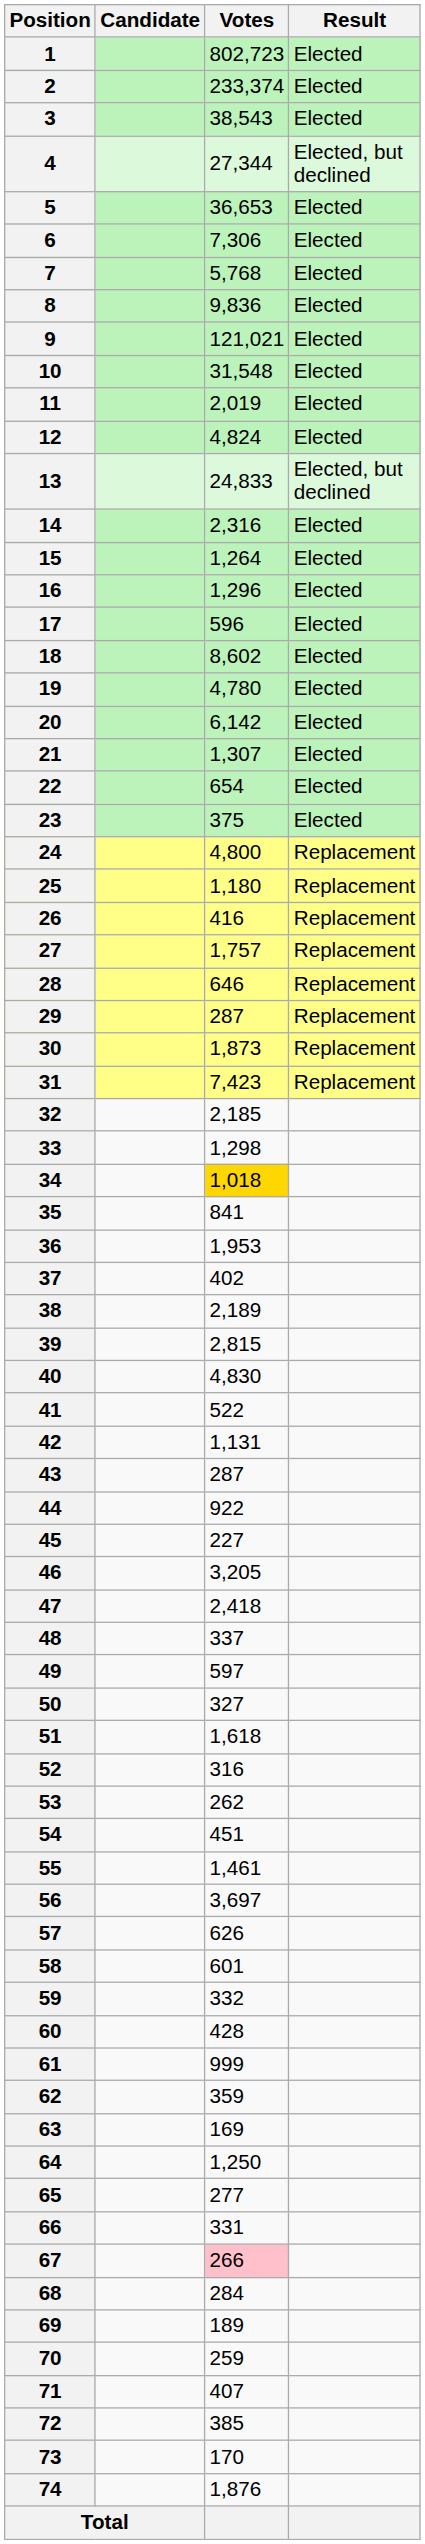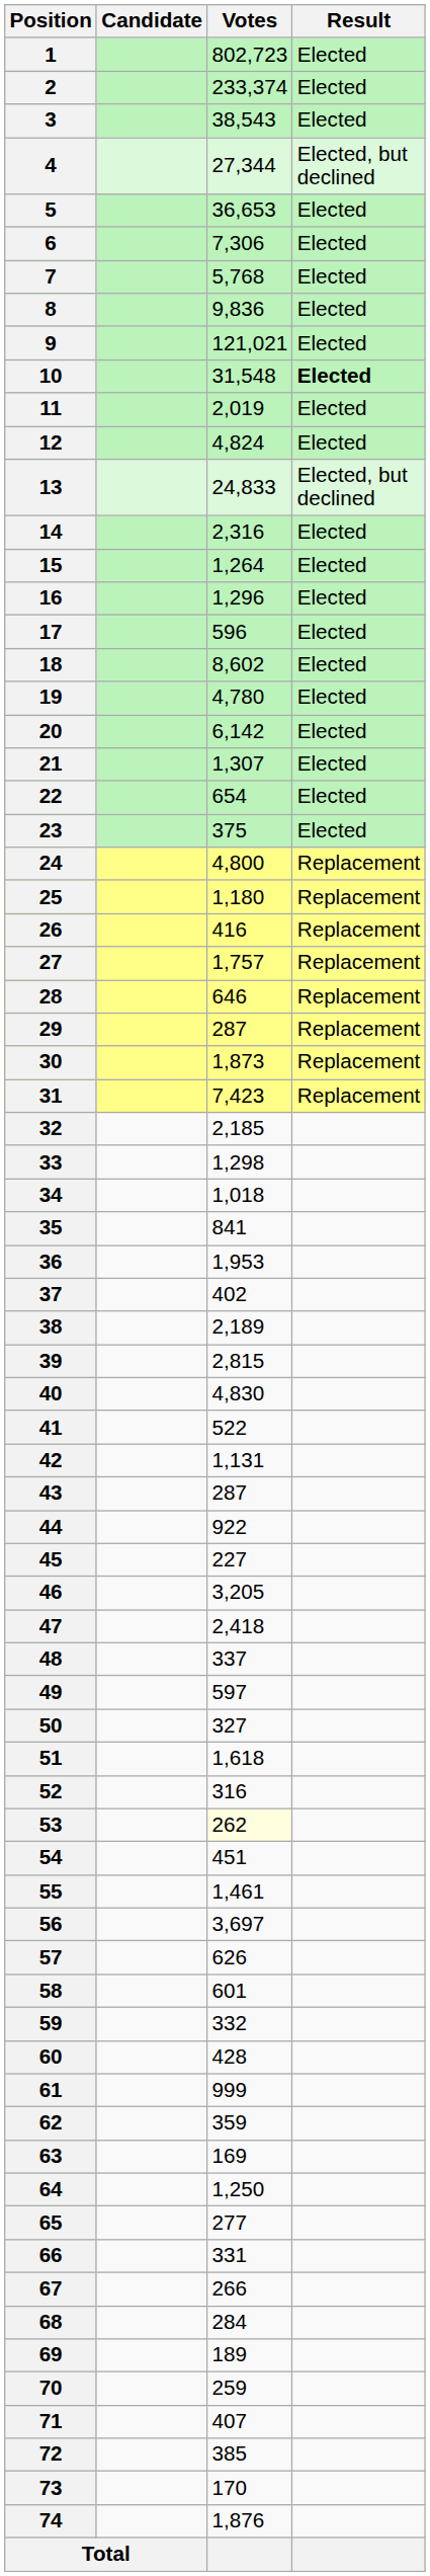 <table class="wikitable sortable col3right">
 <tr>
 <th scope="col">Position</th>
 <th scope="col">Candidate</th>
 <th scope="col">Votes</th>
 <th scope="col">Result</th>
 </tr>
 <tr bgcolor=bbf3bb>
 <th scope="row">1</th>
 <td></td>
 <td>802,723</td>
 <td>Elected</td>
 </tr>
 <tr bgcolor=bbf3bb>
 <th scope="row">2</th>
 <td></td>
 <td>233,374</td>
 <td>Elected</td>
 </tr>
 <tr bgcolor=bbf3bb>
 <th scope="row">3</th>
 <td></td>
 <td>38,543</td>
 <td>Elected</td>
 </tr>
 <tr bgcolor=dcf9dc>
 <th scope="row">4</th>
 <td></td>
 <td>27,344</td>
 <td>Elected, but<br>declined</td>
 </tr>
 <tr bgcolor=bbf3bb>
 <th scope="row">5</th>
 <td></td>
 <td>36,653</td>
 <td>Elected</td>
 </tr>
 <tr bgcolor=bbf3bb>
 <th scope="row">6</th>
 <td></td>
 <td>7,306</td>
 <td>Elected</td>
 </tr>
 <tr bgcolor=bbf3bb>
 <th scope="row">7</th>
 <td></td>
 <td>5,768</td>
 <td>Elected</td>
 </tr>
 <tr bgcolor=bbf3bb>
 <th scope="row">8</th>
 <td></td>
 <td>9,836</td>
 <td>Elected</td>
 </tr>
 <tr bgcolor=bbf3bb>
 <th scope="row">9</th>
 <td></td>
 <td>121,021</td>
 <td>Elected</td>
 </tr>
 <tr bgcolor=bbf3bb>
 <th scope="row">10</th>
 <td></td>
 <td>31,548</td>
-<td>Elected</td>
+<td><strong>Elected</strong></td>
 </tr>
 <tr bgcolor=bbf3bb>
 <th scope="row">11</th>
 <td></td>
 <td>2,019</td>
 <td>Elected</td>
 </tr>
 <tr bgcolor=bbf3bb>
 <th scope="row">12</th>
 <td></td>
 <td>4,824</td>
 <td>Elected</td>
 </tr>
 <tr bgcolor=dcf9dc>
 <th scope="row">13</th>
 <td></td>
 <td>24,833</td>
 <td>Elected, but<br>declined</td>
 </tr>
 <tr bgcolor=bbf3bb>
 <th scope="row">14</th>
 <td></td>
 <td>2,316</td>
 <td>Elected</td>
 </tr>
 <tr bgcolor=bbf3bb>
 <th scope="row">15</th>
 <td></td>
 <td>1,264</td>
 <td>Elected</td>
 </tr>
 <tr bgcolor=bbf3bb>
 <th scope="row">16</th>
 <td></td>
 <td>1,296</td>
 <td>Elected</td>
 </tr>
 <tr bgcolor=bbf3bb>
 <th scope="row">17</th>
 <td></td>
 <td>596</td>
 <td>Elected</td>
 </tr>
 <tr bgcolor=bbf3bb>
 <th scope="row">18</th>
 <td></td>
 <td>8,602</td>
 <td>Elected</td>
 </tr>
 <tr bgcolor=bbf3bb>
 <th scope="row">19</th>
 <td></td>
 <td>4,780</td>
 <td>Elected</td>
 </tr>
 <tr bgcolor=bbf3bb>
 <th scope="row">20</th>
 <td></td>
 <td>6,142</td>
 <td>Elected</td>
 </tr>
 <tr bgcolor=bbf3bb>
 <th scope="row">21</th>
 <td></td>
 <td>1,307</td>
 <td>Elected</td>
 </tr>
 <tr bgcolor=bbf3bb>
 <th scope="row">22</th>
 <td></td>
 <td>654</td>
 <td>Elected</td>
 </tr>
 <tr bgcolor=bbf3bb>
 <th scope="row">23</th>
 <td></td>
 <td>375</td>
 <td>Elected</td>
 </tr>
 <tr bgcolor=#FF8>
 <th scope="row">24</th>
 <td></td>
 <td>4,800</td>
 <td>Replacement</td>
 </tr>
 <tr bgcolor=#FF8>
 <th scope="row">25</th>
 <td></td>
 <td>1,180</td>
 <td>Replacement</td>
 </tr>
 <tr bgcolor=#FF8>
 <th scope="row">26</th>
 <td></td>
 <td>416</td>
 <td>Replacement</td>
 </tr>
 <tr bgcolor=#FF8>
 <th scope="row">27</th>
 <td></td>
 <td>1,757</td>
 <td>Replacement</td>
 </tr>
 <tr bgcolor=#FF8>
 <th scope="row">28</th>
 <td></td>
 <td>646</td>
 <td>Replacement</td>
 </tr>
 <tr bgcolor=#FF8>
 <th scope="row">29</th>
 <td></td>
 <td>287</td>
 <td>Replacement</td>
 </tr>
 <tr bgcolor=#FF8>
 <th scope="row">30</th>
 <td></td>
 <td>1,873</td>
 <td>Replacement</td>
 </tr>
 <tr bgcolor=#FF8>
 <th scope="row">31</th>
 <td></td>
 <td>7,423</td>
 <td>Replacement</td>
 </tr>
 <tr>
 <th scope="row">32</th>
 <td></td>
 <td>2,185</td>
 <td></td>
 </tr>
 <tr>
 <th scope="row">33</th>
 <td></td>
 <td>1,298</td>
 <td></td>
 </tr>
 <tr>
 <th scope="row">34</th>
 <td></td>
-<td style="background: gold;">1,018</td>
+<td>1,018</td>
 <td></td>
 </tr>
 <tr>
 <th scope="row">35</th>
 <td></td>
 <td>841</td>
 <td></td>
 </tr>
 <tr>
 <th scope="row">36</th>
 <td></td>
 <td>1,953</td>
 <td></td>
 </tr>
 <tr>
 <th scope="row">37</th>
 <td></td>
 <td>402</td>
 <td></td>
 </tr>
 <tr>
 <th scope="row">38</th>
 <td></td>
 <td>2,189</td>
 <td></td>
 </tr>
 <tr>
 <th scope="row">39</th>
 <td></td>
 <td>2,815</td>
 <td></td>
 </tr>
 <tr>
 <th scope="row">40</th>
 <td></td>
 <td>4,830</td>
 <td></td>
 </tr>
 <tr>
 <th scope="row">41</th>
 <td></td>
 <td>522</td>
 <td></td>
 </tr>
 <tr>
 <th scope="row">42</th>
 <td></td>
 <td>1,131</td>
 <td></td>
 </tr>
 <tr>
 <th scope="row">43</th>
 <td></td>
 <td>287</td>
 <td></td>
 </tr>
 <tr>
 <th scope="row">44</th>
 <td></td>
 <td>922</td>
 <td></td>
 </tr>
 <tr>
 <th scope="row">45</th>
 <td></td>
 <td>227</td>
 <td></td>
 </tr>
 <tr>
 <th scope="row">46</th>
 <td></td>
 <td>3,205</td>
 <td></td>
 </tr>
 <tr>
 <th scope="row">47</th>
 <td></td>
 <td>2,418</td>
 <td></td>
 </tr>
 <tr>
 <th scope="row">48</th>
 <td></td>
 <td>337</td>
 <td></td>
 </tr>
 <tr>
 <th scope="row">49</th>
 <td></td>
 <td>597</td>
 <td></td>
 </tr>
 <tr>
 <th scope="row">50</th>
 <td></td>
 <td>327</td>
 <td></td>
 </tr>
 <tr>
 <th scope="row">51</th>
 <td></td>
 <td>1,618</td>
 <td></td>
 </tr>
 <tr>
 <th scope="row">52</th>
 <td></td>
 <td>316</td>
 <td></td>
 </tr>
 <tr>
 <th scope="row">53</th>
 <td></td>
-<td>262</td>
+<td style="background: lightyellow;">262</td>
 <td></td>
 </tr>
 <tr>
 <th scope="row">54</th>
 <td></td>
 <td>451</td>
 <td></td>
 </tr>
 <tr>
 <th scope="row">55</th>
 <td></td>
 <td>1,461</td>
 <td></td>
 </tr>
 <tr>
 <th scope="row">56</th>
 <td></td>
 <td>3,697</td>
 <td></td>
 </tr>
 <tr>
 <th scope="row">57</th>
 <td></td>
 <td>626</td>
 <td></td>
 </tr>
 <tr>
 <th scope="row">58</th>
 <td></td>
 <td>601</td>
 <td></td>
 </tr>
 <tr>
 <th scope="row">59</th>
 <td></td>
 <td>332</td>
 <td></td>
 </tr>
 <tr>
 <th scope="row">60</th>
 <td></td>
 <td>428</td>
 <td></td>
 </tr>
 <tr>
 <th scope="row">61</th>
 <td></td>
 <td>999</td>
 <td></td>
 </tr>
 <tr>
 <th scope="row">62</th>
 <td></td>
 <td>359</td>
 <td></td>
 </tr>
 <tr>
 <th scope="row">63</th>
 <td></td>
 <td>169</td>
 <td></td>
 </tr>
 <tr>
 <th scope="row">64</th>
 <td></td>
 <td>1,250</td>
 <td></td>
 </tr>
 <tr>
 <th scope="row">65</th>
 <td></td>
 <td>277</td>
 <td></td>
 </tr>
 <tr>
 <th scope="row">66</th>
 <td></td>
 <td>331</td>
 <td></td>
 </tr>
 <tr>
 <th scope="row">67</th>
 <td></td>
-<td style="background: pink;">266</td>
+<td>266</td>
 <td></td>
 </tr>
 <tr>
 <th scope="row">68</th>
 <td></td>
 <td>284</td>
 <td></td>
 </tr>
 <tr>
 <th scope="row">69</th>
 <td></td>
 <td>189</td>
 <td></td>
 </tr>
 <tr>
 <th scope="row">70</th>
 <td></td>
 <td>259</td>
 <td></td>
 </tr>
 <tr>
 <th scope="row">71</th>
 <td></td>
 <td>407</td>
 <td></td>
 </tr>
 <tr>
 <th scope="row">72</th>
 <td></td>
 <td>385</td>
 <td></td>
 </tr>
 <tr>
 <th scope="row">73</th>
 <td></td>
 <td>170</td>
 <td></td>
 </tr>
 <tr>
 <th scope="row">74</th>
 <td></td>
 <td>1,876</td>
 <td></td>
 </tr>
 <tr class="sortbottom">
 <th scope="row" colspan="2">Total</th>
 <th></th>
 <th></th>
 </tr>
 </table>
